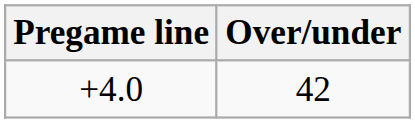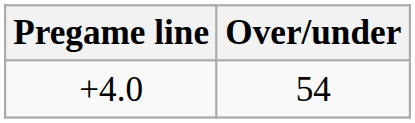 <table class="wikitable" style="margin-left: auto; margin-right: auto; border: none; display: inline-table;">
 <tr align="center">
 <th style=>Pregame line</th>
 <th style=>Over/under</th>
 </tr>
 <tr align="center">
 <td>+4.0</td>
-<td>42</td>
+<td>54</td>
 </tr>
 </table>
